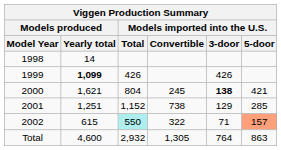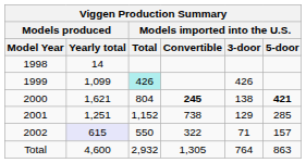 <table class="wikitable" style="text-align: center; font-size: 95%;">
 <tr>
 <th colspan=6>Viggen Production Summary</th>
 </tr>
 <tr>
 <th colspan=2>Models produced</th>
 <th colspan=4>Models imported into the U.S.</th>
 </tr>
 <tr>
 <th>Model Year</th>
 <th>Yearly total</th>
 <th>Total</th>
 <th>Convertible</th>
 <th>3-door</th>
 <th>5-door</th>
 </tr>
 <tr>
 <td>1998</td>
 <td>14</td>
 <td></td>
 <td></td>
 <td></td>
 <td></td>
 </tr>
 <tr>
 <td>1999</td>
-<td><strong>1,099</strong></td>
-<td>426</td>
+<td>1,099</td>
+<td style="background: paleturquoise;">426</td>
 <td></td>
 <td>426</td>
 <td></td>
 </tr>
 <tr>
 <td>2000</td>
 <td>1,621</td>
 <td>804</td>
-<td>245</td>
-<td><strong>138</strong></td>
-<td>421</td>
+<td><strong>245</strong></td>
+<td>138</td>
+<td><strong>421</strong></td>
 </tr>
 <tr>
 <td>2001</td>
 <td>1,251</td>
 <td>1,152</td>
 <td>738</td>
 <td>129</td>
 <td>285</td>
 </tr>
 <tr>
 <td>2002</td>
-<td>615</td>
-<td style="background: paleturquoise;">550</td>
+<td style="background: lavender;">615</td>
+<td>550</td>
 <td>322</td>
 <td>71</td>
-<td style="background: lightsalmon;">157</td>
+<td>157</td>
 </tr>
 <tr>
 <td>Total</td>
 <td>4,600</td>
 <td>2,932</td>
 <td>1,305</td>
 <td>764</td>
 <td>863</td>
 </tr>
 </table>
